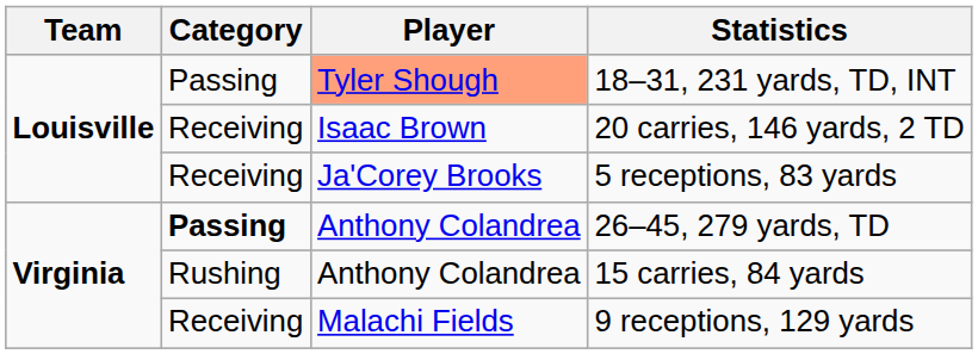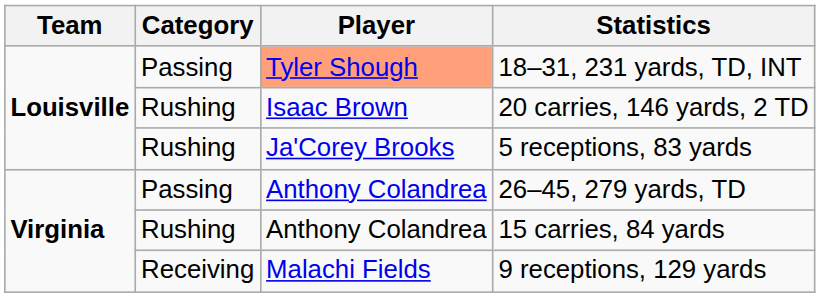 <table class="wikitable" style="float: right;">
 <tr>
 <th>Team</th>
 <th>Category</th>
 <th>Player</th>
 <th>Statistics</th>
 </tr>
 <tr>
 <td rowspan=3><strong>Louisville</strong></td>
 <td>Passing</td>
 <td style="background: lightsalmon;"><a href='#'>Tyler Shough</a></td>
 <td>18–31, 231 yards, TD, INT</td>
 </tr>
 <tr>
-<td>Receiving</td>
+<td>Rushing</td>
 <td><a href='#'>Isaac Brown</a></td>
 <td>20 carries, 146 yards, 2 TD</td>
 </tr>
 <tr>
-<td>Receiving</td>
+<td>Rushing</td>
 <td><a href='#'>Ja'Corey Brooks</a></td>
 <td>5 receptions, 83 yards</td>
 </tr>
 <tr>
 <td rowspan=3><strong>Virginia</strong></td>
-<td><strong>Passing</strong></td>
+<td>Passing</td>
 <td><a href='#'>Anthony Colandrea</a></td>
 <td>26–45, 279 yards, TD</td>
 </tr>
 <tr>
 <td>Rushing</td>
 <td>Anthony Colandrea</td>
 <td>15 carries, 84 yards</td>
 </tr>
 <tr>
 <td>Receiving</td>
 <td><a href='#'>Malachi Fields</a></td>
 <td>9 receptions, 129 yards</td>
 </tr>
 </table>
